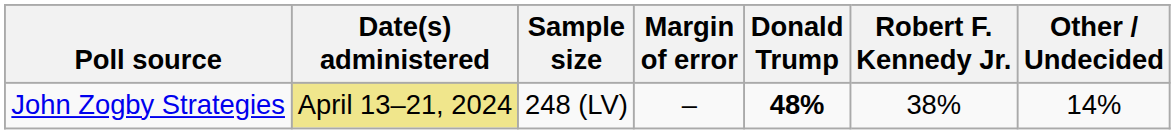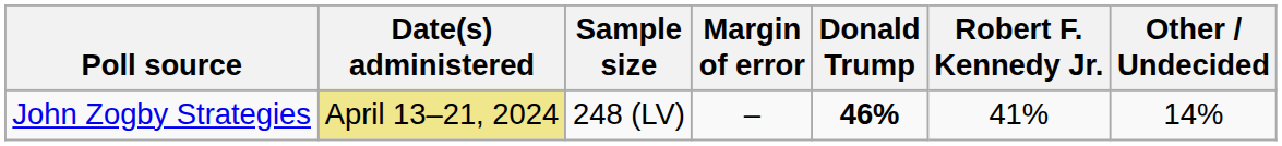 <table class="wikitable sortable mw-datatable" style="font-size:90%;text-align:center;line-height:17px">
 <tr valign=bottom>
 <th>Poll source</th>
 <th>Date(s)<br>administered</th>
 <th>Sample<br>size</th>
 <th>Margin<br>of error</th>
 <th class="unsortable">Donald<br>Trump<br></th>
 <th class="unsortable">Robert F.<br>Kennedy Jr.<br></th>
 <th class="unsortable">Other /<br>Undecided</th>
 </tr>
 <tr>
 <td style="text-align:left;"><a href='#'>John Zogby Strategies</a></td>
 <td data-sort-value="2024-05-01" style="background: khaki;">April 13–21, 2024</td>
 <td>248 (LV)</td>
 <td>–</td>
-<td style="background-color:"><strong>48%</strong></td>
-<td>38%</td>
+<td style="background-color:"><strong>46%</strong></td>
+<td>41%</td>
 <td>14%</td>
 </tr>
 </table>
